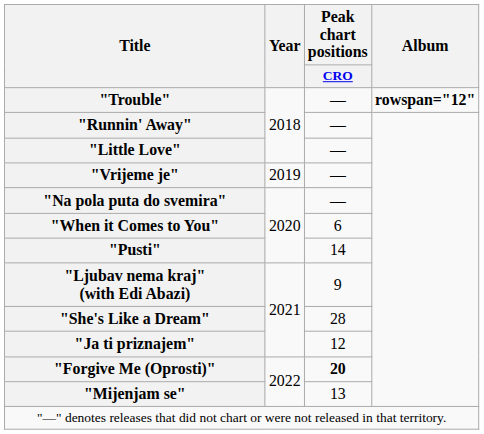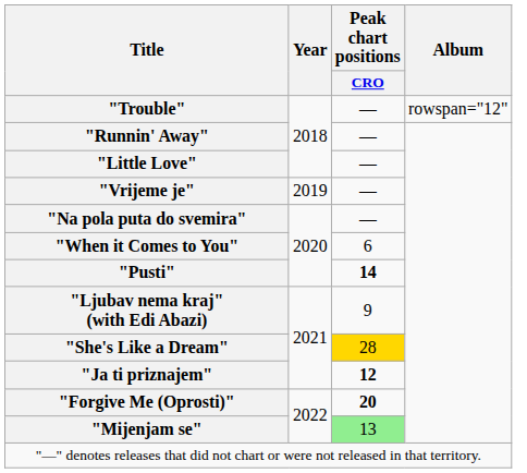 <table class="wikitable plainrowheaders" style="text-align:center;">
 <tr>
 <th scope="col" rowspan="2" style="width:16em;">Title</th>
 <th scope="col" rowspan="2" style="width:1em;">Year</th>
 <th scope="col" colspan="1">Peak chart positions</th>
 <th scope="col" rowspan="2">Album</th>
 </tr>
 <tr>
 <th scope="col" style="width:3em;font-size:85%;"><a href='#'>CRO</a><br></th>
 </tr>
 <tr>
 <th scope="row">"Trouble"</th>
 <td rowspan="3">2018</td>
 <td>—</td>
-<td><strong>rowspan="12" </strong></td>
+<td>rowspan="12" </td>
 </tr>
 <tr>
 <th scope="row">"Runnin' Away"</th>
 <td>—</td>
 </tr>
 <tr>
 <th scope="row">"Little Love"</th>
 <td>—</td>
 </tr>
 <tr>
 <th scope="row">"Vrijeme je"</th>
 <td rowspan="1">2019</td>
 <td>—</td>
 </tr>
 <tr>
 <th scope="row">"Na pola puta do svemira"</th>
 <td rowspan="3">2020</td>
 <td>—</td>
 </tr>
 <tr>
 <th scope="row">"When it Comes to You"</th>
 <td>6</td>
 </tr>
 <tr>
 <th scope="row">"Pusti"</th>
-<td>14</td>
+<td><strong>14</strong></td>
 </tr>
 <tr>
 <th scope="row">"Ljubav nema kraj"<br><span>(with Edi Abazi)</span></th>
 <td rowspan="3">2021</td>
 <td>9</td>
 </tr>
 <tr>
 <th scope="row">"She's Like a Dream"</th>
-<td>28</td>
+<td style="background: gold;">28</td>
 </tr>
 <tr>
 <th scope="row">"Ja ti priznajem"</th>
-<td>12</td>
+<td><strong>12</strong></td>
 </tr>
 <tr>
 <th scope="row">"Forgive Me (Oprosti)"</th>
 <td rowspan="2">2022</td>
 <td><strong>20</strong></td>
 </tr>
 <tr>
 <th scope="row">"Mijenjam se"</th>
-<td>13</td>
+<td style="background: lightgreen;">13</td>
 </tr>
 <tr>
 <td colspan="22" style="text-align:center; font-size:85%;">"—" denotes releases that did not chart or were not released in that territory.</td>
 </tr>
 </table>
